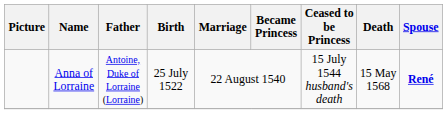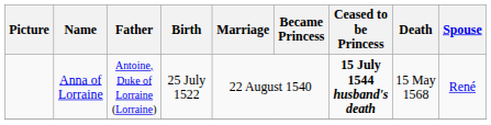 <table width=95% class="wikitable">
 <tr>
 <th width = "8%">Picture</th>
 <th width = "10%">Name</th>
 <th width = "9%">Father</th>
 <th width = "10%">Birth</th>
 <th width = "9%">Marriage</th>
 <th width = "9%">Became Princess</th>
 <th width = "9%">Ceased to be Princess</th>
 <th width = "9%">Death</th>
 <th width = "6%"><a href='#'>Spouse</a></th>
 </tr>
 <tr>
 <td align="center"></td>
 <td align="center"><a href='#'>Anna of Lorraine</a></td>
 <td align="center"><small><a href='#'>Antoine, Duke of Lorraine</a><br>(<a href='#'>Lorraine</a>)</small></td>
 <td align="center">25 July 1522</td>
 <td align=center colspan="2">22 August 1540</td>
-<td align="center">15 July 1544<br><em>husband's death</em></td>
+<td align="center"><strong>15 July 1544<br><em>husband's death</em></strong></td>
 <td align="center">15 May 1568</td>
-<td align="center"><strong><a href='#'>René</a></strong></td>
+<td align="center"><a href='#'>René</a></td>
 </tr>
 <tr>
 </tr>
 </table>
